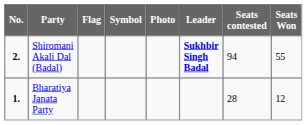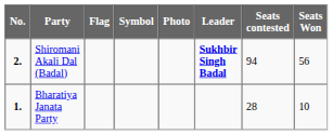 <table class="sortable" width="40%" border="2" cellpadding="6" cellspacing="0" style="margin: 1em 1em 1em 0; background: #f9f9f9; border: 1px #aaa solid">
 <tr>
 <th style="background-color:#666666; color:white">No.</th>
 <th style="background-color:#666666; color:white">Party</th>
 <th style="background-color:#666666; color:white">Flag</th>
 <th style="background-color:#666666; color:white">Symbol</th>
 <th style="background-color:#666666; color:white">Photo</th>
 <th style="background-color:#666666; color:white">Leader</th>
 <th style="background-color:#666666; color:white">Seats contested</th>
 <th style="background-color:#666666; color:white">Seats Won</th>
 </tr>
 <tr>
 <td style="text-align:center; background:"><strong>2.</strong></td>
 <td><a href='#'>Shiromani Akali Dal (Badal)</a></td>
 <td></td>
 <td></td>
 <td></td>
 <td><strong><a href='#'>Sukhbir Singh Badal</a></strong></td>
 <td>94</td>
-<td>55</td>
+<td>56</td>
 </tr>
 <tr>
 <td style="text-align:center; background:"><strong>1.</strong></td>
 <td><a href='#'>Bharatiya Janata Party</a></td>
 <td></td>
 <td></td>
 <td></td>
 <td></td>
 <td>28</td>
-<td>12</td>
+<td>10</td>
 </tr>
 </table>
